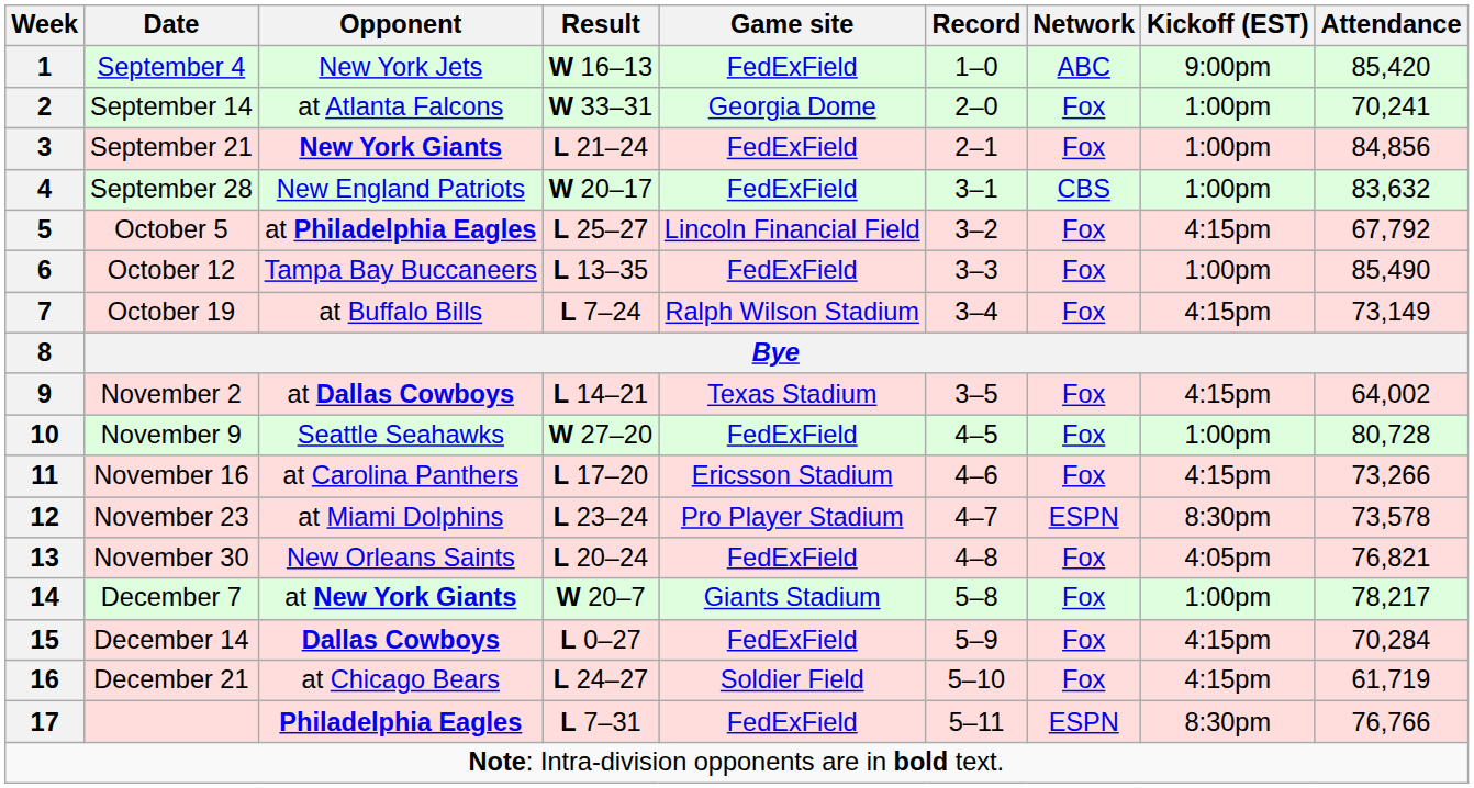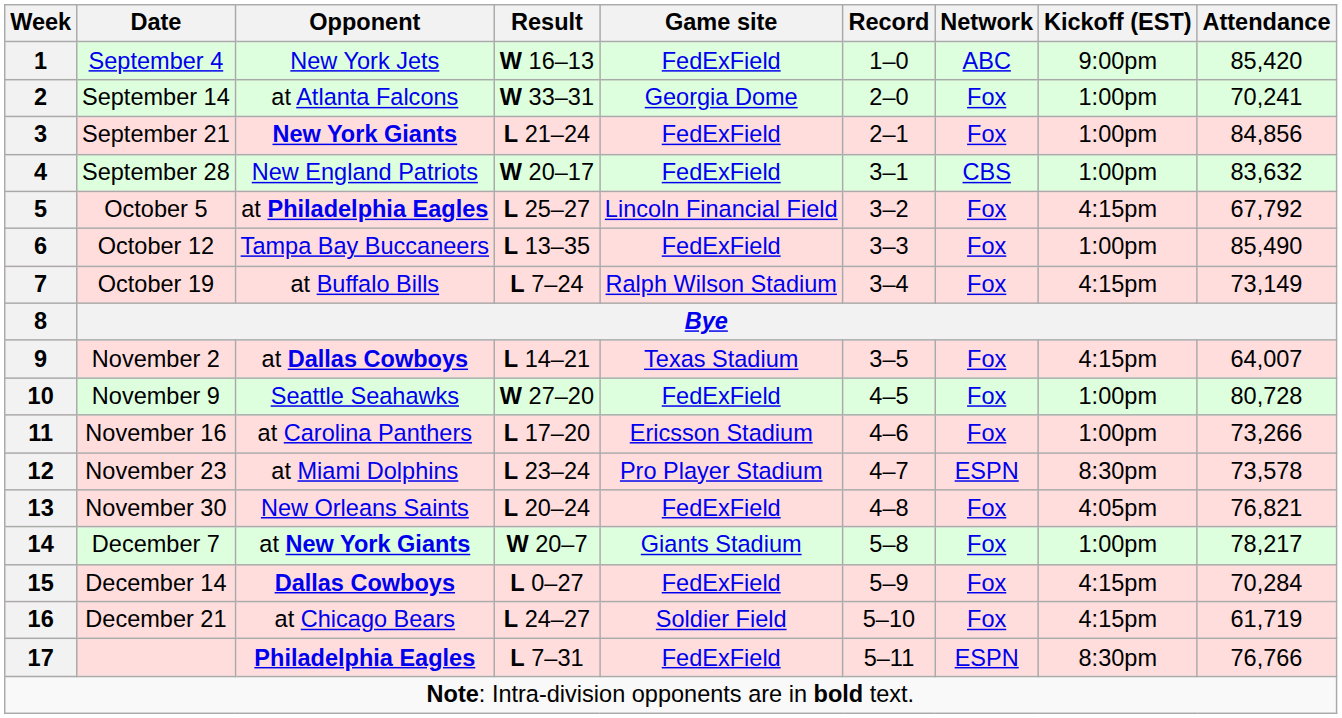 <table class="wikitable" style="text-align:center;">
 <tr>
 <th>Week</th>
 <th>Date</th>
 <th>Opponent</th>
 <th>Result</th>
 <th>Game site</th>
 <th>Record</th>
 <th>Network</th>
 <th>Kickoff (EST)</th>
 <th>Attendance</th>
 </tr>
 <tr style="background: #ddffdd;">
 <th>1</th>
 <td><a href='#'>September 4</a></td>
 <td><a href='#'>New York Jets</a></td>
 <td><strong>W</strong> 16–13</td>
 <td><a href='#'>FedExField</a></td>
 <td>1–0</td>
 <td><a href='#'>ABC</a></td>
 <td>9:00pm</td>
 <td>85,420</td>
 </tr>
 <tr style="background: #ddffdd;">
 <th>2</th>
 <td>September 14</td>
 <td>at <a href='#'>Atlanta Falcons</a></td>
 <td><strong>W</strong> 33–31</td>
 <td><a href='#'>Georgia Dome</a></td>
 <td>2–0</td>
 <td><a href='#'>Fox</a></td>
 <td>1:00pm</td>
 <td>70,241</td>
 </tr>
 <tr style="background: #ffdddd;">
 <th>3</th>
 <td>September 21</td>
 <td><strong><a href='#'>New York Giants</a></strong></td>
 <td><strong>L</strong> 21–24 </td>
 <td><a href='#'>FedExField</a></td>
 <td>2–1</td>
 <td><a href='#'>Fox</a></td>
 <td>1:00pm</td>
 <td>84,856</td>
 </tr>
 <tr style="background: #ddffdd;">
 <th>4</th>
 <td>September 28</td>
 <td><a href='#'>New England Patriots</a></td>
 <td><strong>W</strong> 20–17</td>
 <td><a href='#'>FedExField</a></td>
 <td>3–1</td>
 <td><a href='#'>CBS</a></td>
 <td>1:00pm</td>
 <td>83,632</td>
 </tr>
 <tr style="background: #ffdddd;">
 <th>5</th>
 <td>October 5</td>
 <td>at <strong><a href='#'>Philadelphia Eagles</a></strong></td>
 <td><strong>L</strong> 25–27</td>
 <td><a href='#'>Lincoln Financial Field</a></td>
 <td>3–2</td>
 <td><a href='#'>Fox</a></td>
 <td>4:15pm</td>
 <td>67,792</td>
 </tr>
 <tr style="background: #ffdddd;">
 <th>6</th>
 <td>October 12</td>
 <td><a href='#'>Tampa Bay Buccaneers</a></td>
 <td><strong>L</strong> 13–35</td>
 <td><a href='#'>FedExField</a></td>
 <td>3–3</td>
 <td><a href='#'>Fox</a></td>
 <td>1:00pm</td>
 <td>85,490</td>
 </tr>
 <tr style="background: #ffdddd;">
 <th>7</th>
 <td>October 19</td>
 <td>at <a href='#'>Buffalo Bills</a></td>
 <td><strong>L</strong> 7–24</td>
 <td><a href='#'>Ralph Wilson Stadium</a></td>
 <td>3–4</td>
 <td><a href='#'>Fox</a></td>
 <td>4:15pm</td>
 <td>73,149</td>
 </tr>
 <tr>
 <th>8</th>
 <th colspan="8"><em><a href='#'>Bye</a></em></th>
 </tr>
 <tr style="background: #ffdddd;">
 <th>9</th>
 <td>November 2</td>
 <td>at <strong><a href='#'>Dallas Cowboys</a></strong></td>
 <td><strong>L</strong> 14–21</td>
 <td><a href='#'>Texas Stadium</a></td>
 <td>3–5</td>
 <td><a href='#'>Fox</a></td>
 <td>4:15pm</td>
-<td>64,002</td>
+<td>64,007</td>
 </tr>
 <tr style="background: #ddffdd;">
 <th>10</th>
 <td>November 9</td>
 <td><a href='#'>Seattle Seahawks</a></td>
 <td><strong>W</strong> 27–20</td>
 <td><a href='#'>FedExField</a></td>
 <td>4–5</td>
 <td><a href='#'>Fox</a></td>
 <td>1:00pm</td>
 <td>80,728</td>
 </tr>
 <tr style="background: #ffdddd;">
 <th>11</th>
 <td>November 16</td>
 <td>at <a href='#'>Carolina Panthers</a></td>
 <td><strong>L</strong> 17–20</td>
 <td><a href='#'>Ericsson Stadium</a></td>
 <td>4–6</td>
 <td><a href='#'>Fox</a></td>
-<td>4:15pm</td>
+<td>1:00pm</td>
 <td>73,266</td>
 </tr>
 <tr style="background: #ffdddd;">
 <th>12</th>
 <td>November 23</td>
 <td>at <a href='#'>Miami Dolphins</a></td>
 <td><strong>L</strong> 23–24</td>
 <td><a href='#'>Pro Player Stadium</a></td>
 <td>4–7</td>
 <td><a href='#'>ESPN</a></td>
 <td>8:30pm</td>
 <td>73,578</td>
 </tr>
 <tr style="background: #ffdddd;">
 <th>13</th>
 <td>November 30</td>
 <td><a href='#'>New Orleans Saints</a></td>
 <td><strong>L</strong> 20–24</td>
 <td><a href='#'>FedExField</a></td>
 <td>4–8</td>
 <td><a href='#'>Fox</a></td>
 <td>4:05pm</td>
 <td>76,821</td>
 </tr>
 <tr style="background: #ddffdd;">
 <th>14</th>
 <td>December 7</td>
 <td>at <strong><a href='#'>New York Giants</a></strong></td>
 <td><strong>W</strong> 20–7</td>
 <td><a href='#'>Giants Stadium</a></td>
 <td>5–8</td>
 <td><a href='#'>Fox</a></td>
 <td>1:00pm</td>
 <td>78,217</td>
 </tr>
 <tr style="background: #ffdddd;">
 <th>15</th>
 <td>December 14</td>
 <td><strong><a href='#'>Dallas Cowboys</a></strong></td>
 <td><strong>L</strong> 0–27</td>
 <td><a href='#'>FedExField</a></td>
 <td>5–9</td>
 <td><a href='#'>Fox</a></td>
 <td>4:15pm</td>
 <td>70,284</td>
 </tr>
 <tr style="background: #ffdddd;">
 <th>16</th>
 <td>December 21</td>
 <td>at <a href='#'>Chicago Bears</a></td>
 <td><strong>L</strong> 24–27</td>
 <td><a href='#'>Soldier Field</a></td>
 <td>5–10</td>
 <td><a href='#'>Fox</a></td>
 <td>4:15pm</td>
 <td>61,719</td>
 </tr>
 <tr style="background: #ffdddd;">
 <th>17</th>
 <td></td>
 <td><strong><a href='#'>Philadelphia Eagles</a></strong></td>
 <td><strong>L</strong> 7–31</td>
 <td><a href='#'>FedExField</a></td>
 <td>5–11</td>
 <td><a href='#'>ESPN</a></td>
 <td>8:30pm</td>
 <td>76,766</td>
 </tr>
 <tr>
 <td colspan="9"><strong>Note</strong>: Intra-division opponents are in <strong>bold</strong> text.</td>
 </tr>
 </table>
